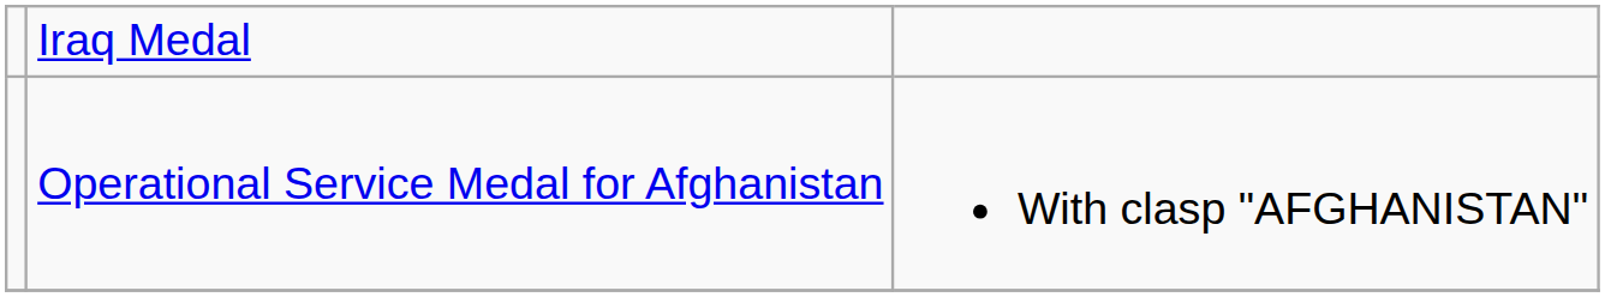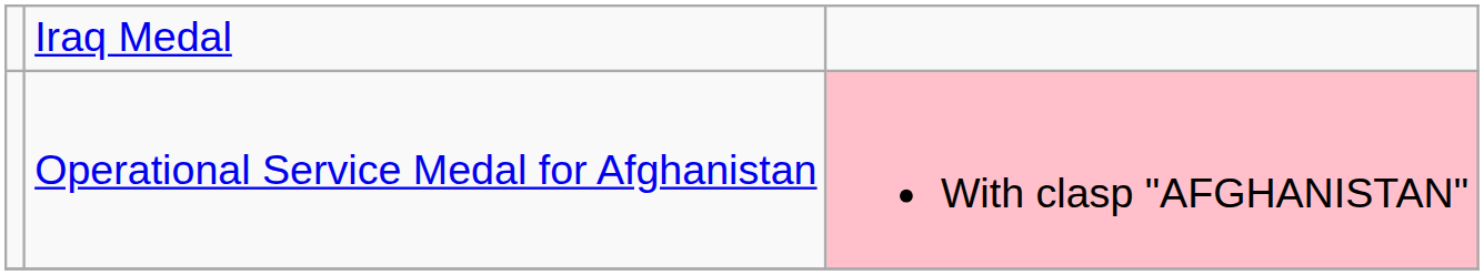 <table class="wikitable">
 <tr>
 <td></td>
 <td><a href='#'>Iraq Medal</a></td>
 <td></td>
 </tr>
 <tr>
 <td></td>
 <td><a href='#'>Operational Service Medal for Afghanistan</a></td>
-<td><br><ul><li>With clasp "AFGHANISTAN"</li></ul></td>
+<td style="background: pink;"><br><ul><li>With clasp "AFGHANISTAN"</li></ul></td>
 </tr>
 <tr>
 </tr>
 </table>
